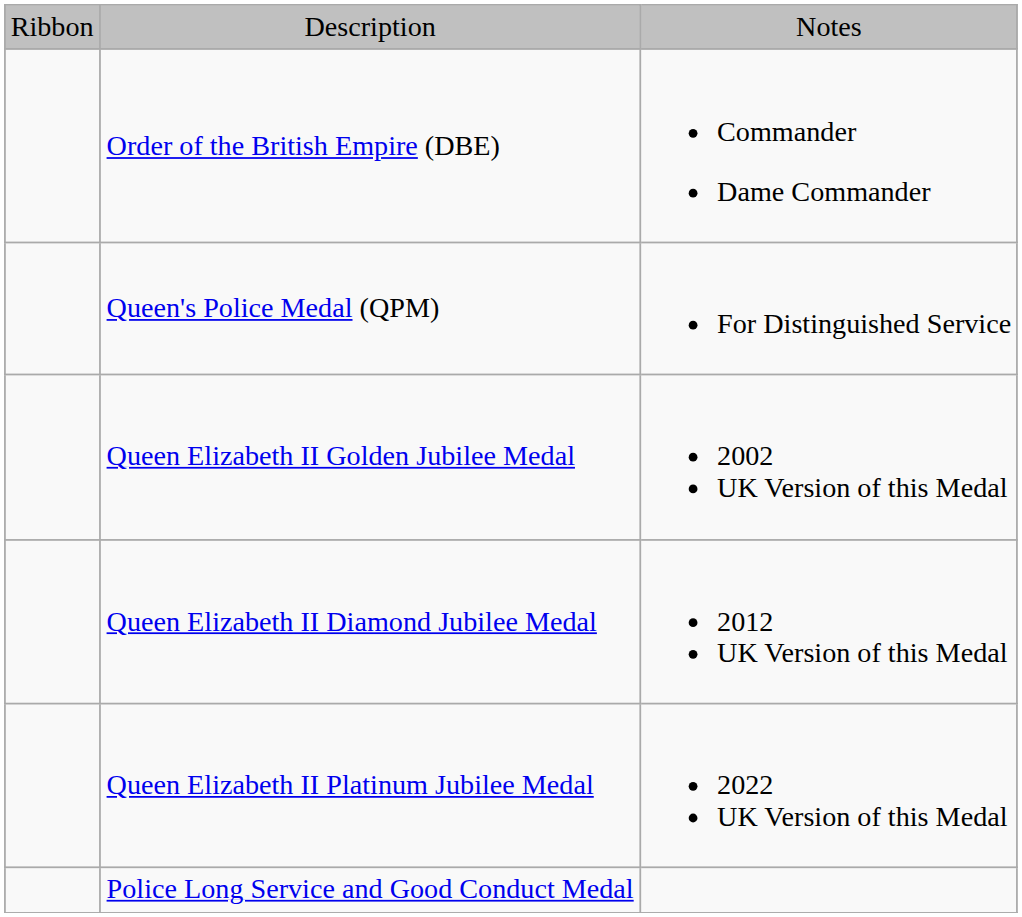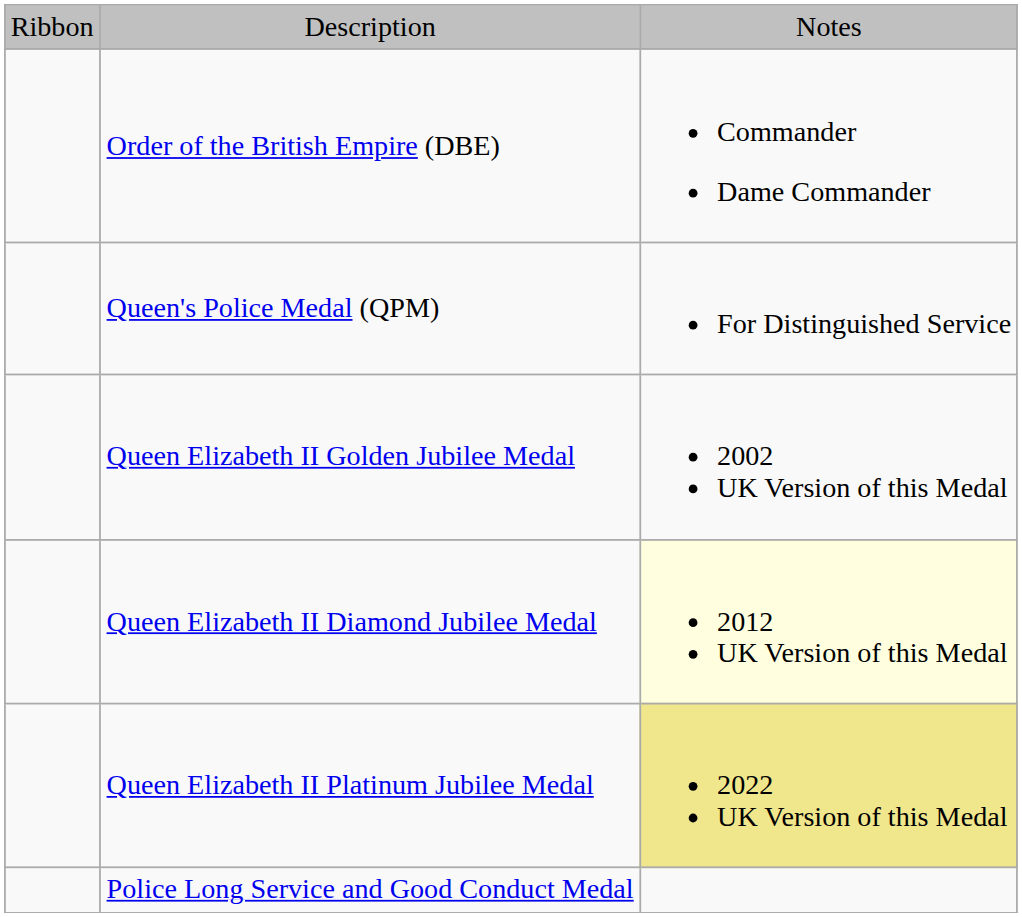 <table class="wikitable" style="margin:auto;">
 <tr style="background:silver;" align="center">
 <td>Ribbon</td>
 <td>Description</td>
 <td>Notes</td>
 </tr>
 <tr>
 <td></td>
 <td><a href='#'>Order of the British Empire</a> (DBE)</td>
 <td><br><ul><li>Commander</li></ul><ul><li>Dame Commander</li></ul></td>
 </tr>
 <tr>
 <td></td>
 <td><a href='#'>Queen's Police Medal</a> (QPM)</td>
 <td><br><ul><li>For Distinguished Service</li></ul></td>
 </tr>
 <tr>
 <td></td>
 <td><a href='#'>Queen Elizabeth II Golden Jubilee Medal</a></td>
 <td><br><ul><li>2002</li><li>UK Version of this Medal</li></ul></td>
 </tr>
 <tr>
 <td></td>
 <td><a href='#'>Queen Elizabeth II Diamond Jubilee Medal</a></td>
-<td><br><ul><li>2012</li><li>UK Version of this Medal</li></ul></td>
+<td style="background: lightyellow;"><br><ul><li>2012</li><li>UK Version of this Medal</li></ul></td>
 </tr>
 <tr>
 <td></td>
 <td><a href='#'>Queen Elizabeth II Platinum Jubilee Medal</a></td>
-<td><br><ul><li>2022</li><li>UK Version of this Medal</li></ul></td>
+<td style="background: khaki;"><br><ul><li>2022</li><li>UK Version of this Medal</li></ul></td>
 </tr>
 <tr>
 <td></td>
 <td><a href='#'>Police Long Service and Good Conduct Medal</a></td>
 <td></td>
 </tr>
 <tr>
 </tr>
 </table>
